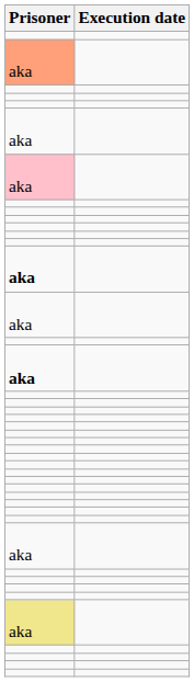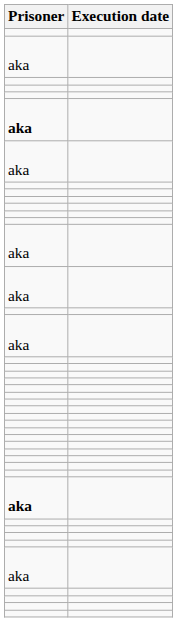 <table class="wikitable sortable">
 <tr>
 <th>Prisoner</th>
 <th>Execution date</th>
 </tr>
 <tr>
 <td></td>
 <td></td>
 </tr>
 <tr>
-<td style="background: lightsalmon;"><br> aka  </td>
+<td><br> aka  </td>
 <td></td>
 </tr>
 <tr>
 <td></td>
 <td></td>
 </tr>
 <tr>
 <td></td>
 <td></td>
 </tr>
 <tr>
 <td></td>
 <td></td>
 </tr>
 <tr>
-<td><br> aka  </td>
+<td><strong><br> aka  </strong></td>
 <td></td>
 </tr>
 <tr>
-<td style="background: pink;"><br> aka  </td>
+<td><br> aka  </td>
 <td></td>
 </tr>
 <tr>
 <td></td>
 <td></td>
 </tr>
 <tr>
 <td></td>
 <td></td>
 </tr>
 <tr>
 <td></td>
 <td></td>
 </tr>
 <tr>
 <td></td>
 <td></td>
 </tr>
 <tr>
 <td></td>
 <td></td>
 </tr>
 <tr>
 <td></td>
 <td></td>
 </tr>
 <tr>
-<td><strong><br> aka  </strong></td>
+<td><br> aka  </td>
 <td></td>
 </tr>
 <tr>
 <td><br> aka  </td>
 <td></td>
 </tr>
 <tr>
 <td></td>
 <td></td>
 </tr>
 <tr>
-<td><strong><br> aka  </strong></td>
+<td><br> aka  </td>
 <td></td>
 </tr>
 <tr>
 <td></td>
 <td></td>
 </tr>
 <tr>
 <td></td>
 <td></td>
 </tr>
 <tr>
 <td></td>
 <td></td>
 </tr>
 <tr>
 <td></td>
 <td></td>
 </tr>
 <tr>
 <td></td>
 <td></td>
 </tr>
 <tr>
 <td></td>
 <td></td>
 </tr>
 <tr>
 <td></td>
 <td></td>
 </tr>
 <tr>
 <td></td>
 <td></td>
 </tr>
 <tr>
 <td></td>
 <td></td>
 </tr>
 <tr>
 <td></td>
 <td></td>
 </tr>
 <tr>
 <td></td>
 <td></td>
 </tr>
 <tr>
 <td></td>
 <td></td>
 </tr>
 <tr>
 <td></td>
 <td></td>
 </tr>
 <tr>
 <td></td>
 <td></td>
 </tr>
 <tr>
 <td></td>
 <td></td>
 </tr>
 <tr>
 <td></td>
 <td></td>
 </tr>
 <tr>
 <td></td>
 <td></td>
 </tr>
 <tr>
+<td><strong><br> aka  </strong></td>
+<td></td>
+</tr>
+<tr>
+<td></td>
+<td></td>
+</tr>
+<tr>
+<td></td>
+<td></td>
+</tr>
+<tr>
+<td></td>
+<td></td>
+</tr>
+<tr>
+<td></td>
+<td></td>
+</tr>
+<tr>
 <td><br> aka  </td>
 <td></td>
 </tr>
 <tr>
 <td></td>
 <td></td>
 </tr>
 <tr>
 <td></td>
 <td></td>
 </tr>
 <tr>
 <td></td>
 <td></td>
 </tr>
 <tr>
 <td></td>
 <td></td>
 </tr>
-<tr>
-<td style="background: khaki;"><br> aka  </td>
-<td></td>
-</tr>
-<tr>
-<td></td>
-<td></td>
-</tr>
-<tr>
-<td></td>
-<td></td>
-</tr>
-<tr>
-<td></td>
-<td></td>
-</tr>
-<tr>
-<td></td>
-<td></td>
-</tr>
 </table>
